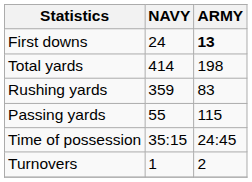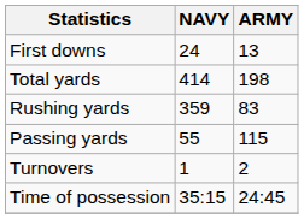 <table class="wikitable">
 <tr>
 <th>Statistics</th>
 <th>NAVY</th>
 <th>ARMY</th>
 </tr>
 <tr>
 <td>First downs</td>
 <td>24</td>
-<td><strong>13</strong></td>
+<td>13</td>
 </tr>
 <tr>
 <td>Total yards</td>
 <td>414</td>
 <td>198</td>
 </tr>
 <tr>
 <td>Rushing yards</td>
 <td>359</td>
 <td>83</td>
 </tr>
 <tr>
 <td>Passing yards</td>
 <td>55</td>
 <td>115</td>
 </tr>
 <tr>
+<td>Turnovers</td>
+<td>1</td>
+<td>2</td>
+</tr>
+<tr>
 <td>Time of possession</td>
 <td>35:15</td>
 <td>24:45</td>
 </tr>
 <tr>
-<td>Turnovers</td>
-<td>1</td>
-<td>2</td>
-</tr>
-<tr>
 </tr>
 </table>
